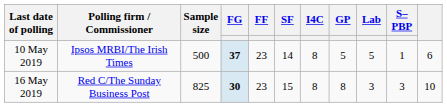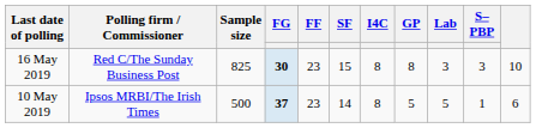 <table class="wikitable sortable collapsible" style="text-align:center;font-size:95%;">
 <tr style="height:42px;">
 <th style="width:110px;" rowspan="2">Last date<br>of polling</th>
 <th style="width:300px;" rowspan="2">Polling firm / Commissioner</th>
 <th class="unsortable" style="width:50px;" rowspan="2">Sample<br>size</th>
 <th class="unsortable" style="width:50px;"><a href='#'>FG</a></th>
 <th class="unsortable" style="width:50px;"><a href='#'>FF</a></th>
 <th class="unsortable" style="width:50px;"><a href='#'>SF</a></th>
 <th class="unsortable" style="width:50px;"><a href='#'>I4C</a></th>
 <th class="unsortable" style="width:50px;"><a href='#'>GP</a></th>
 <th class="unsortable" style="width:50px;"><a href='#'>Lab</a></th>
 <th class="unsortable" style="width:50px;"><a href='#'>S–PBP</a></th>
 <th class="unsortable" style="width:50px;" rowspan="2"></th>
 </tr>
 <tr>
 <th style="color:inherit;background:"></th>
 <th style="color:inherit;background:"></th>
 <th style="color:inherit;background:"></th>
 <th style="color:inherit;background:"></th>
 <th style="color:inherit;background:"></th>
 <th style="color:inherit;background:"></th>
 <th style="color:inherit;background:"></th>
 </tr>
 <tr>
+<td>16 May 2019</td>
+<td data-sort-value="RedC1"><a href='#'>Red C/The Sunday Business Post</a></td>
+<td>825</td>
+<td style="background:#D9E9F4"><strong>30</strong></td>
+<td>23</td>
+<td>15</td>
+<td>8</td>
+<td>8</td>
+<td>3</td>
+<td>3</td>
+<td>10</td>
+</tr>
+<tr>
 <td>10 May 2019</td>
 <td data-sort-value="IpsosMRBI1"><a href='#'>Ipsos MRBI/The Irish Times</a></td>
 <td>500</td>
 <td style="background:#D9E9F4"><strong>37</strong></td>
 <td>23</td>
 <td>14</td>
 <td>8</td>
 <td>5</td>
 <td>5</td>
 <td>1</td>
 <td>6</td>
 </tr>
-<tr>
-<td>16 May 2019</td>
-<td data-sort-value="RedC1"><a href='#'>Red C/The Sunday Business Post</a></td>
-<td>825</td>
-<td style="background:#D9E9F4"><strong>30</strong></td>
-<td>23</td>
-<td>15</td>
-<td>8</td>
-<td>8</td>
-<td>3</td>
-<td>3</td>
-<td>10</td>
-</tr>
 </table>
